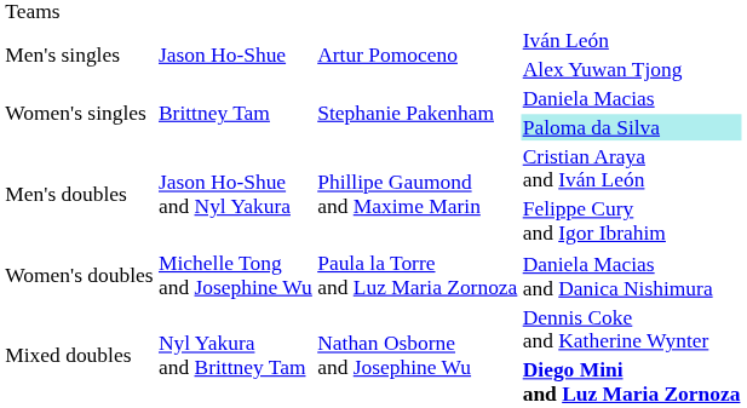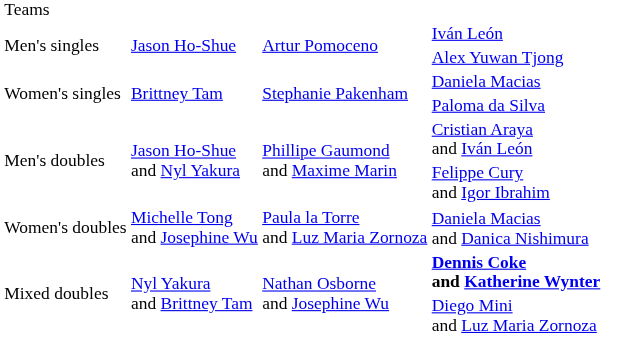 <table>
 <tr>
 </tr>
 <tr>
 <td>Teams</td>
 <td align="center"></td>
 <td align="center"></td>
 <td align="center"></td>
 </tr>
 <tr>
 <td rowspan=2>Men's singles</td>
 <td rowspan=2> <a href='#'>Jason Ho-Shue</a></td>
 <td rowspan=2> <a href='#'>Artur Pomoceno</a></td>
 <td> <a href='#'>Iván León</a></td>
 </tr>
 <tr>
 <td> <a href='#'>Alex Yuwan Tjong</a></td>
 </tr>
 <tr>
 <td rowspan=2>Women's singles</td>
 <td rowspan=2> <a href='#'>Brittney Tam</a></td>
 <td rowspan=2> <a href='#'>Stephanie Pakenham</a></td>
 <td> <a href='#'>Daniela Macias</a></td>
 </tr>
 <tr>
-<td style="background: paleturquoise;"> <a href='#'>Paloma da Silva</a></td>
+<td> <a href='#'>Paloma da Silva</a></td>
 </tr>
 <tr>
 <td rowspan=2>Men's doubles</td>
 <td rowspan=2> <a href='#'>Jason Ho-Shue</a><br>and <a href='#'>Nyl Yakura</a></td>
 <td rowspan=2> <a href='#'>Phillipe Gaumond</a><br>and <a href='#'>Maxime Marin</a></td>
 <td> <a href='#'>Cristian Araya</a><br>and <a href='#'>Iván León</a></td>
 </tr>
 <tr>
 <td> <a href='#'>Felippe Cury</a><br>and <a href='#'>Igor Ibrahim</a></td>
 </tr>
 <tr>
 <td rowspan=2>Women's doubles</td>
 <td rowspan=2> <a href='#'>Michelle Tong</a><br>and <a href='#'>Josephine Wu</a></td>
 <td rowspan=2> <a href='#'>Paula la Torre</a><br>and <a href='#'>Luz Maria Zornoza</a></td>
 </tr>
 <tr>
 <td> <a href='#'>Daniela Macias</a><br>and <a href='#'>Danica Nishimura</a></td>
 </tr>
 <tr>
 <td rowspan=2>Mixed doubles</td>
 <td rowspan=2> <a href='#'>Nyl Yakura</a><br> and <a href='#'>Brittney Tam</a></td>
 <td rowspan=2> <a href='#'>Nathan Osborne</a><br>and <a href='#'>Josephine Wu</a></td>
-<td> <a href='#'>Dennis Coke</a><br>and <a href='#'>Katherine Wynter</a></td>
+<td><strong> <a href='#'>Dennis Coke</a><br>and <a href='#'>Katherine Wynter</a></strong></td>
 </tr>
 <tr>
-<td><strong> <a href='#'>Diego Mini</a><br>and <a href='#'>Luz Maria Zornoza</a></strong></td>
+<td> <a href='#'>Diego Mini</a><br>and <a href='#'>Luz Maria Zornoza</a></td>
 </tr>
 </table>
